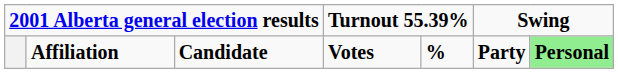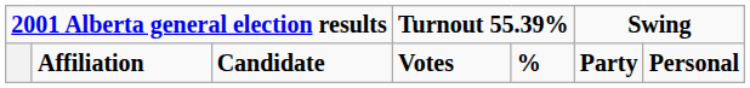 <table class="wikitable">
 <tr>
 <td colspan="3" align=center><strong><a href='#'>2001 Alberta general election</a> results</strong></td>
 <td colspan="2"><strong>Turnout 55.39%</strong></td>
 <td colspan="2" align=center><strong>Swing</strong></td>
 </tr>
 <tr>
 <th style="width: 10px;"></th>
 <td><strong>Affiliation</strong></td>
 <td><strong>Candidate</strong></td>
 <td><strong>Votes</strong></td>
 <td><strong>%</strong></td>
 <td><strong>Party</strong></td>
-<td style="background: lightgreen;"><strong>Personal</strong><br>       </td>
+<td><strong>Personal</strong><br>       </td>
 </tr>
 </table>
